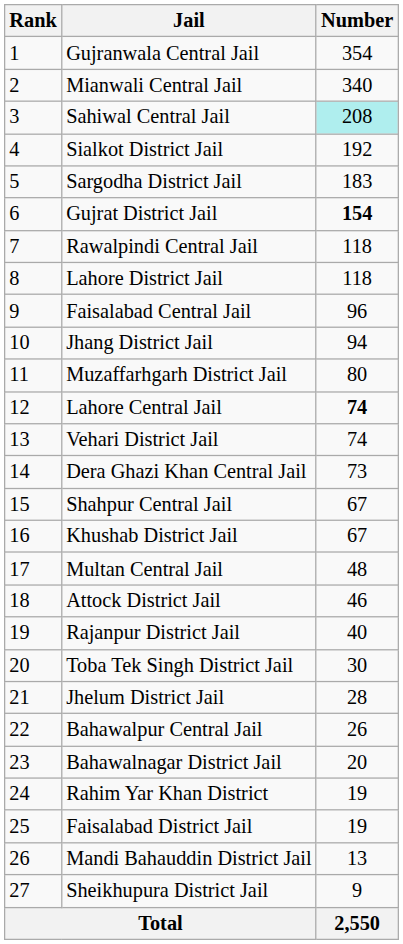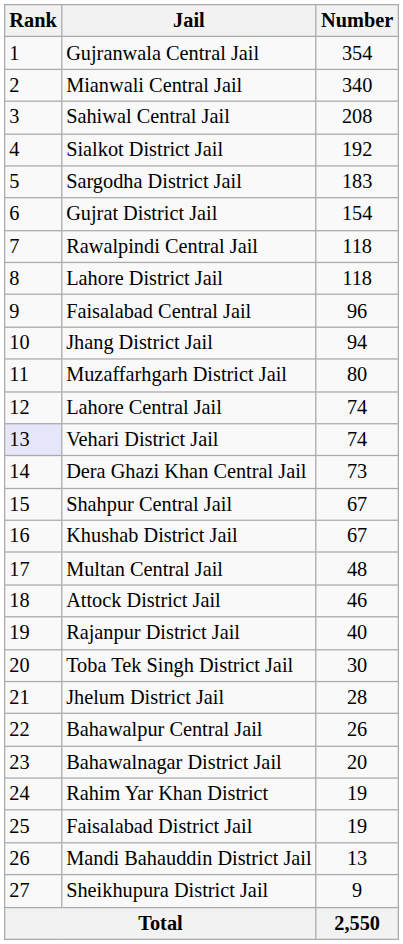 <table class="wikitable sortable collapsible collapsed floatright" >
 <tr>
 <th>Rank</th>
 <th>Jail</th>
 <th>Number</th>
 </tr>
 <tr>
 <td>1</td>
 <td>Gujranwala Central Jail</td>
 <td style="text-align:center">354</td>
 </tr>
 <tr>
 <td>2</td>
 <td>Mianwali Central Jail</td>
 <td style="text-align:center">340</td>
 </tr>
 <tr>
 <td>3</td>
 <td>Sahiwal Central Jail</td>
-<td style="background: paleturquoise; text-align:center">208</td>
+<td style="text-align:center">208</td>
 </tr>
 <tr>
 <td>4</td>
 <td>Sialkot District Jail</td>
 <td style="text-align:center">192</td>
 </tr>
 <tr>
 <td>5</td>
 <td>Sargodha District Jail</td>
 <td style="text-align:center">183</td>
 </tr>
 <tr>
 <td>6</td>
 <td>Gujrat District Jail</td>
-<td style="text-align:center"><strong>154</strong></td>
+<td style="text-align:center">154</td>
 </tr>
 <tr>
 <td>7</td>
 <td>Rawalpindi Central Jail</td>
 <td style="text-align:center">118</td>
 </tr>
 <tr>
 <td>8</td>
 <td>Lahore District Jail</td>
 <td style="text-align:center">118</td>
 </tr>
 <tr>
 <td>9</td>
 <td>Faisalabad Central Jail</td>
 <td style="text-align:center">96</td>
 </tr>
 <tr>
 <td>10</td>
 <td>Jhang District Jail</td>
 <td style="text-align:center">94</td>
 </tr>
 <tr>
 <td>11</td>
 <td>Muzaffarhgarh District Jail</td>
 <td style="text-align:center">80</td>
 </tr>
 <tr>
 <td>12</td>
 <td>Lahore Central Jail</td>
-<td style="text-align:center"><strong>74</strong></td>
+<td style="text-align:center">74</td>
 </tr>
 <tr>
-<td>13</td>
+<td style="background: lavender;">13</td>
 <td>Vehari District Jail</td>
 <td style="text-align:center">74</td>
 </tr>
 <tr>
 <td>14</td>
 <td>Dera Ghazi Khan Central Jail</td>
 <td style="text-align:center">73</td>
 </tr>
 <tr>
 <td>15</td>
 <td>Shahpur Central Jail</td>
 <td style="text-align:center">67</td>
 </tr>
 <tr>
 <td>16</td>
 <td>Khushab District Jail</td>
 <td style="text-align:center">67</td>
 </tr>
 <tr>
 <td>17</td>
 <td>Multan Central Jail</td>
 <td style="text-align:center">48</td>
 </tr>
 <tr>
 <td>18</td>
 <td>Attock District Jail</td>
 <td style="text-align:center">46</td>
 </tr>
 <tr>
 <td>19</td>
 <td>Rajanpur District Jail</td>
 <td style="text-align:center">40</td>
 </tr>
 <tr>
 <td>20</td>
 <td>Toba Tek Singh District Jail</td>
 <td style="text-align:center">30</td>
 </tr>
 <tr>
 <td>21</td>
 <td>Jhelum District Jail</td>
 <td style="text-align:center">28</td>
 </tr>
 <tr>
 <td>22</td>
 <td>Bahawalpur Central Jail</td>
 <td style="text-align:center">26</td>
 </tr>
 <tr>
 <td>23</td>
 <td>Bahawalnagar District Jail</td>
 <td style="text-align:center">20</td>
 </tr>
 <tr>
 <td>24</td>
 <td>Rahim Yar Khan District</td>
 <td style="text-align:center">19</td>
 </tr>
 <tr>
 <td>25</td>
 <td>Faisalabad District Jail</td>
 <td style="text-align:center">19</td>
 </tr>
 <tr>
 <td>26</td>
 <td>Mandi Bahauddin District Jail</td>
 <td style="text-align:center">13</td>
 </tr>
 <tr>
 <td>27</td>
 <td>Sheikhupura District Jail</td>
 <td style="text-align:center">9</td>
 </tr>
 <tr>
 <th colspan="2">Total</th>
 <th style="text-align:center">2,550</th>
 </tr>
 </table>
